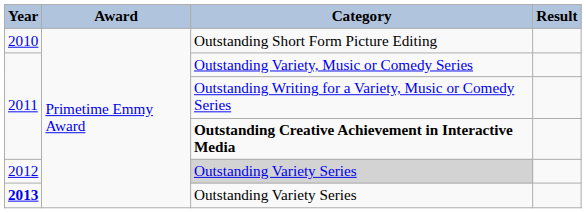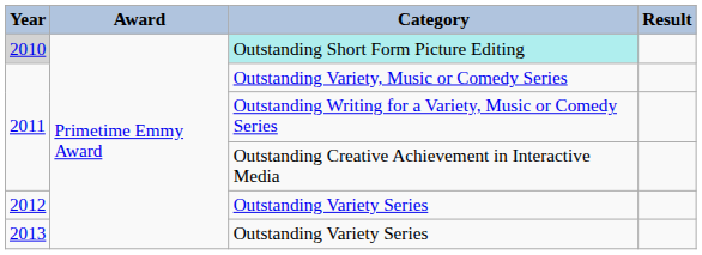 <table class="wikitable">
 <tr style="text-align:center;">
 <th style="background:#B0C4DE;">Year</th>
 <th style="background:#B0C4DE;">Award</th>
 <th style="background:#B0C4DE;">Category</th>
 <th style="background:#B0C4DE;">Result</th>
 </tr>
 <tr>
-<td><a href='#'>2010</a></td>
+<td style="background: lightgrey;"><a href='#'>2010</a></td>
 <td rowspan="6"><a href='#'>Primetime Emmy Award</a></td>
-<td>Outstanding Short Form Picture Editing</td>
+<td style="background: paleturquoise;">Outstanding Short Form Picture Editing</td>
 <td></td>
 </tr>
 <tr>
 <td rowspan="3"><a href='#'>2011</a></td>
 <td><a href='#'>Outstanding Variety, Music or Comedy Series</a></td>
 <td></td>
 </tr>
 <tr>
 <td><a href='#'>Outstanding Writing for a Variety, Music or Comedy Series</a></td>
 <td></td>
 </tr>
 <tr>
-<td><strong>Outstanding Creative Achievement in Interactive Media</strong></td>
+<td>Outstanding Creative Achievement in Interactive Media</td>
 <td></td>
 </tr>
 <tr>
 <td><a href='#'>2012</a></td>
-<td style="background: lightgrey;"><a href='#'>Outstanding Variety Series</a></td>
+<td><a href='#'>Outstanding Variety Series</a></td>
 <td></td>
 </tr>
 <tr>
-<td><strong><a href='#'>2013</a></strong></td>
+<td><a href='#'>2013</a></td>
 <td>Outstanding Variety Series</td>
 <td></td>
 </tr>
 </table>
